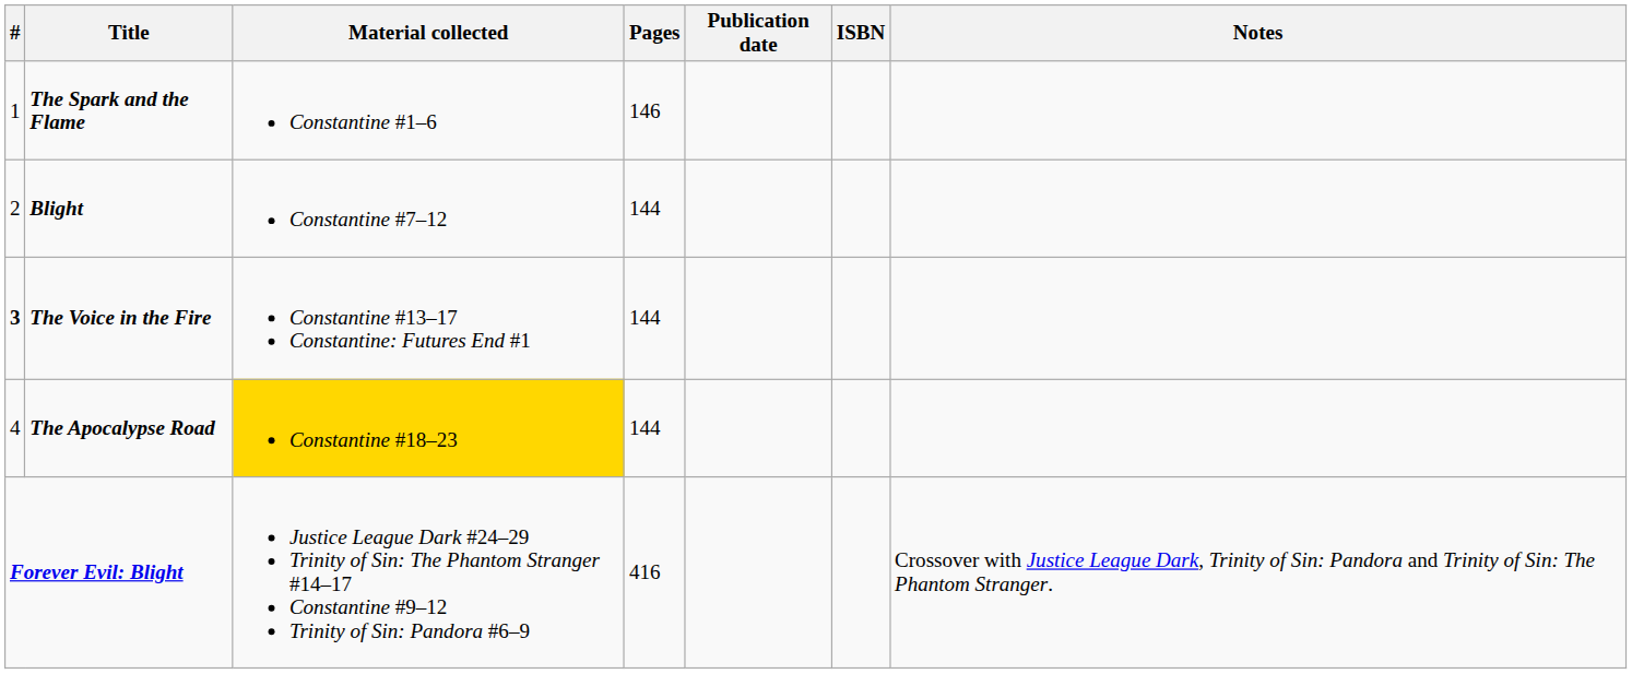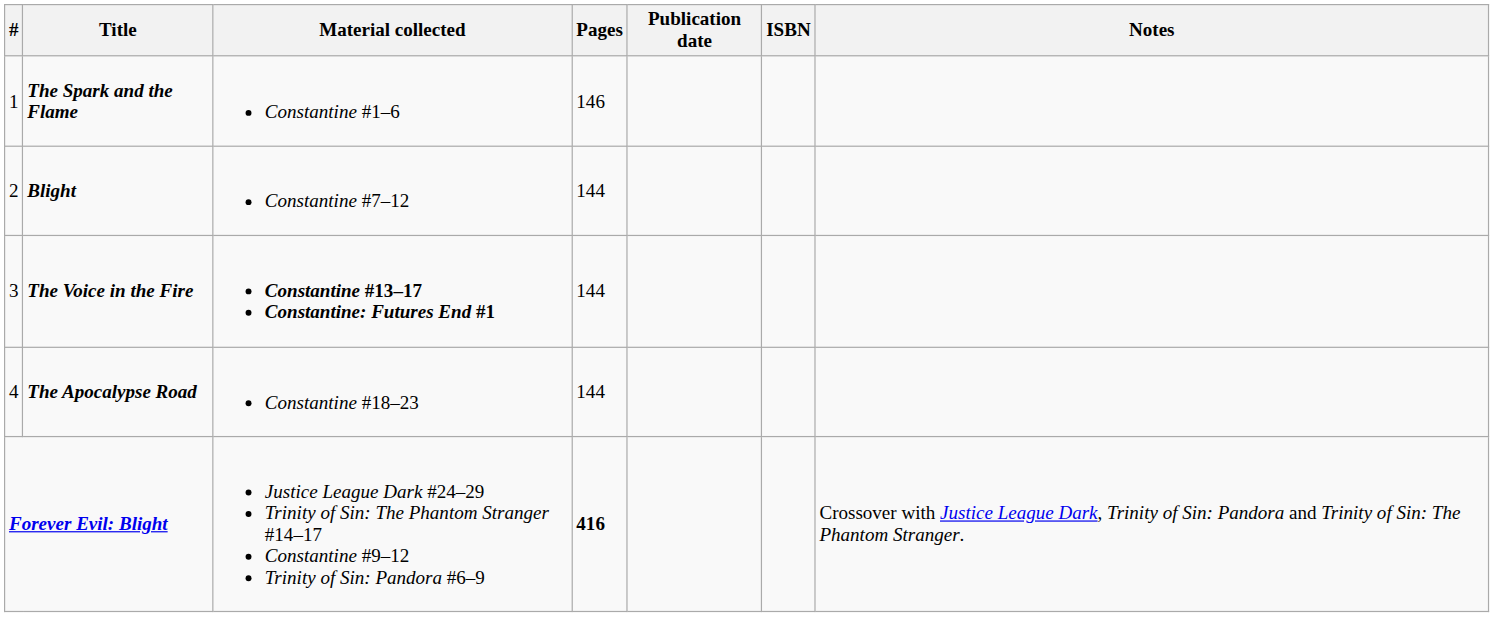 <table class="wikitable">
 <tr>
 <th>#</th>
 <th>Title</th>
 <th>Material collected</th>
 <th>Pages</th>
 <th>Publication date</th>
 <th>ISBN</th>
 <th>Notes</th>
 </tr>
 <tr>
 <td>1</td>
 <td><strong><em>The Spark and the Flame</em></strong></td>
 <td><br><ul><li><em>Constantine</em> #1–6</li></ul></td>
 <td>146</td>
 <td></td>
 <td></td>
 <td></td>
 </tr>
 <tr>
 <td>2</td>
 <td><strong><em>Blight</em></strong></td>
 <td><br><ul><li><em>Constantine</em> #7–12</li></ul></td>
 <td>144</td>
 <td></td>
 <td></td>
 <td></td>
 </tr>
 <tr>
-<td><strong>3</strong></td>
+<td>3</td>
 <td><strong><em>The Voice in the Fire</em></strong></td>
-<td><br><ul><li><em>Constantine</em> #13–17</li><li><em>Constantine: Futures End</em> #1</li></ul></td>
+<td><strong><br><ul><li><em>Constantine</em> #13–17</li><li><em>Constantine: Futures End</em> #1</li></ul></strong></td>
 <td>144</td>
 <td></td>
 <td></td>
 <td></td>
 </tr>
 <tr>
 <td>4</td>
 <td><strong><em>The Apocalypse Road</em></strong></td>
-<td style="background: gold;"><br><ul><li><em>Constantine</em> #18–23</li></ul></td>
+<td><br><ul><li><em>Constantine</em> #18–23</li></ul></td>
 <td>144</td>
 <td></td>
 <td></td>
 <td></td>
 </tr>
 <tr>
 <td colspan="2"><strong><em><a href='#'>Forever Evil: Blight</a></em></strong></td>
 <td><br><ul><li><em>Justice League Dark</em> #24–29</li><li><em>Trinity of Sin: The Phantom Stranger</em> #14–17</li><li><em>Constantine</em> #9–12</li><li><em>Trinity of Sin: Pandora</em> #6–9</li></ul></td>
-<td>416</td>
+<td><strong>416</strong></td>
 <td></td>
 <td></td>
 <td>Crossover with <em><a href='#'>Justice League Dark</a></em>, <em>Trinity of Sin: Pandora</em> and <em>Trinity of Sin: The Phantom Stranger</em>.</td>
 </tr>
 </table>
